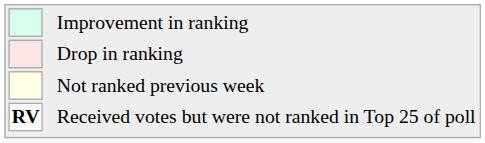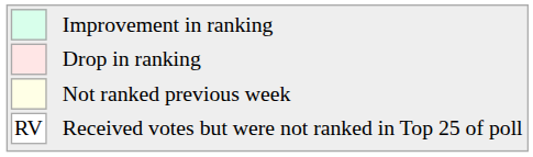 <table align=right style="font-size:90%; border:1px solid #aaaaaa; white-space:nowrap; background:#eeeeee;">
 <tr>
 <td style="background:#D8FFEB; width:20px; border:1px solid #aaaaaa;"> </td>
 <td rowspan=5> </td>
 <td>Improvement in ranking</td>
 </tr>
 <tr>
 <td style="background:#FFE6E6; width:20px; border:1px solid #aaaaaa;"> </td>
 <td>Drop in ranking</td>
 </tr>
 <tr>
 <td style="background:#FFFFE6; width:20px; border:1px solid #aaaaaa;"> </td>
 <td>Not ranked previous week</td>
 </tr>
 <tr>
-<td align=center style="width:20px; border:1px solid #aaaaaa; background:white;"><strong>RV</strong></td>
+<td align=center style="width:20px; border:1px solid #aaaaaa; background:white;">RV</td>
 <td>Received votes but were not ranked in Top 25 of poll</td>
 </tr>
 <tr>
 </tr>
 </table>
